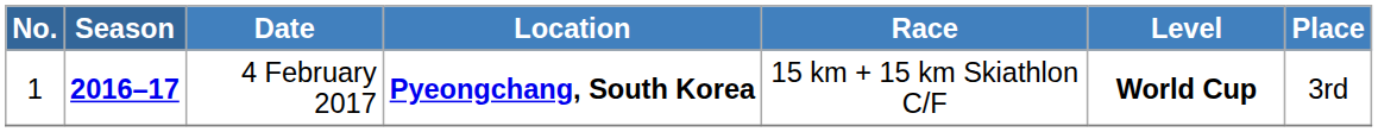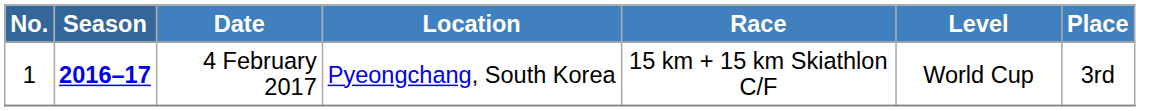 <table class="wikitable sortable" style="font-size:95%; text-align:center; border:grey solid 1px; border-collapse:collapse; background:#ffffff;">
 <tr style="background:#efefef;">
 <th style="background-color:#369; color:white;">No.</th>
 <th style="background-color:#369; color:white;">Season</th>
 <th style="background-color:#4180be; color:white; width:100px;">Date</th>
 <th style="background-color:#4180be; color:white; width:185x;">Location</th>
 <th style="background-color:#4180be; color:white; width:170px;">Race</th>
 <th style="background-color:#4180be; color:white; width:100px;">Level</th>
 <th style="background-color:#4180be; color:white;">Place</th>
 </tr>
 <tr>
 <td align=center>1</td>
 <td rowspan=1 align=center><strong><a href='#'>2016–17</a></strong></td>
 <td align=right>4 February 2017</td>
-<td align=left><strong> <a href='#'>Pyeongchang</a>, South Korea</strong></td>
+<td align=left> <a href='#'>Pyeongchang</a>, South Korea</td>
 <td>15 km + 15 km Skiathlon C/F</td>
-<td><strong>World Cup</strong></td>
+<td>World Cup</td>
 <td>3rd</td>
 </tr>
 <tr>
 </tr>
 </table>
